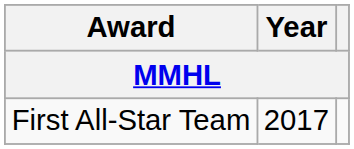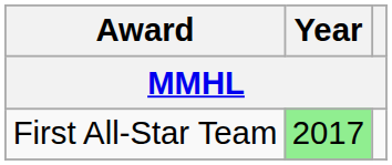 <table class="wikitable">
 <tr>
 <th>Award</th>
 <th>Year</th>
 <th></th>
 </tr>
 <tr ALIGN="center" bgcolor="#e0e0e0">
 <th colspan="3"><a href='#'>MMHL</a></th>
 </tr>
 <tr>
 <td>First All-Star Team</td>
-<td>2017</td>
+<td style="background: lightgreen;">2017</td>
 <td></td>
 </tr>
 </table>
